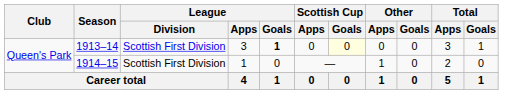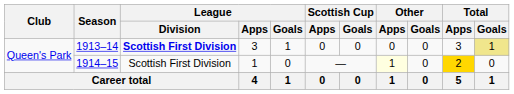 <table class="wikitable" style="text-align: center;">
 <tr>
 <th rowspan="2">Club</th>
 <th rowspan="2">Season</th>
 <th colspan="3">League</th>
 <th colspan="2">Scottish Cup</th>
 <th colspan="2">Other</th>
 <th colspan="2">Total</th>
 </tr>
 <tr>
 <th>Division</th>
 <th>Apps</th>
 <th>Goals</th>
 <th>Apps</th>
 <th>Goals</th>
 <th>Apps</th>
 <th>Goals</th>
 <th>Apps</th>
 <th>Goals</th>
 </tr>
 <tr>
 <td rowspan="2"><a href='#'>Queen's Park</a></td>
 <td><a href='#'>1913–14</a></td>
-<td><a href='#'>Scottish First Division</a></td>
+<td><strong><a href='#'>Scottish First Division</a></strong></td>
 <td>3</td>
-<td><strong>1</strong></td>
+<td>1</td>
 <td>0</td>
-<td style="background: lightyellow;">0</td>
+<td>0</td>
 <td>0</td>
 <td>0</td>
 <td>3</td>
-<td>1</td>
+<td style="background: khaki;">1</td>
 </tr>
 <tr>
 <td><a href='#'>1914–15</a></td>
 <td>Scottish First Division</td>
 <td>1</td>
 <td>0</td>
 <td colspan="2">―</td>
-<td>1</td>
+<td style="background: lightyellow;">1</td>
 <td>0</td>
-<td>2</td>
+<td style="background: gold;">2</td>
 <td>0</td>
 </tr>
 <tr>
 <th colspan="3">Career total</th>
 <th>4</th>
 <th>1</th>
 <th>0</th>
 <th>0</th>
 <th>1</th>
 <th>0</th>
 <th>5</th>
 <th>1</th>
 </tr>
 </table>
